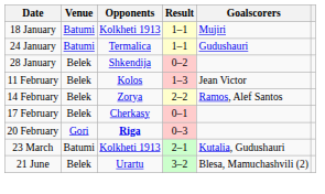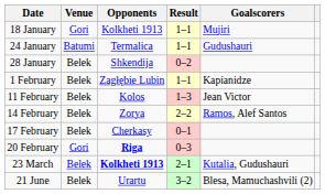 <table class="wikitable sortable plainrowheaders" style="text-align:center;">
 <tr>
 <th scope=col>Date</th>
 <th scope=col>Venue</th>
 <th scope=col>Opponents</th>
 <th scope=col>Result</th>
 <th scope=col>Goalscorers</th>
 <th scope=col class=unsortable></th>
 </tr>
 <tr>
 <td>18 January</td>
-<td><a href='#'>Batumi</a></td>
+<td><a href='#'>Gori</a></td>
 <td><a href='#'>Kolkheti 1913</a></td>
 <td style="background:#ffc;">1–1</td>
 <td align=left><a href='#'>Mujiri</a></td>
 <td></td>
 </tr>
 <tr>
 <td>24 January</td>
 <td><a href='#'>Batumi</a></td>
 <td><a href='#'>Termalica</a></td>
 <td style="background:#ffc;">1–1</td>
 <td align=left><a href='#'>Gudushauri</a></td>
 <td></td>
 </tr>
 <tr>
 <td>28 January</td>
 <td>Belek</td>
 <td><a href='#'>Shkendija</a></td>
 <td style="background:#fcc">0–2</td>
 <td></td>
+<td></td>
+</tr>
+<tr>
+<td>1 February</td>
+<td>Belek</td>
+<td><a href='#'>Zagłębie Lubin</a></td>
+<td style="background:#ffc;">1–1</td>
+<td align=left>Kapianidze</td>
 <td></td>
 </tr>
 <tr>
 <td>11 February</td>
 <td>Belek</td>
 <td><a href='#'>Kolos</a></td>
 <td style="background:#fcc">1–3</td>
 <td align=left>Jean Victor</td>
 <td></td>
 </tr>
 <tr>
 <td>14 February</td>
 <td>Belek</td>
 <td><a href='#'>Zorya</a></td>
 <td style="background:#ffc">2–2</td>
 <td align=left><a href='#'>Ramos</a>, Alef Santos</td>
 <td></td>
 </tr>
 <tr>
 <td>17 February</td>
 <td>Belek</td>
 <td><a href='#'>Cherkasy</a></td>
 <td style="background:#fcc">0–1</td>
 <td></td>
 <td></td>
 </tr>
 <tr>
 <td>20 February</td>
 <td><a href='#'>Gori</a></td>
 <td><strong><a href='#'>Riga</a></strong></td>
 <td style="background:#fcc">0–3</td>
 <td></td>
 <td></td>
 </tr>
 <tr>
 <td>23 March</td>
-<td>Batumi</td>
-<td><a href='#'>Kolkheti 1913</a></td>
+<td><a href='#'>Belek</a></td>
+<td><strong><a href='#'>Kolkheti 1913</a></strong></td>
 <td style="background:#cfc">2–1</td>
 <td align=left><a href='#'>Kutalia</a>, Gudushauri</td>
 <td></td>
 </tr>
 <tr>
 <td>21 June</td>
 <td>Belek</td>
 <td><a href='#'>Urartu</a></td>
 <td style="background:#cfc">3–2</td>
 <td align=left>Blesa, Mamuchashvili (2)</td>
 <td></td>
 </tr>
 </table>
